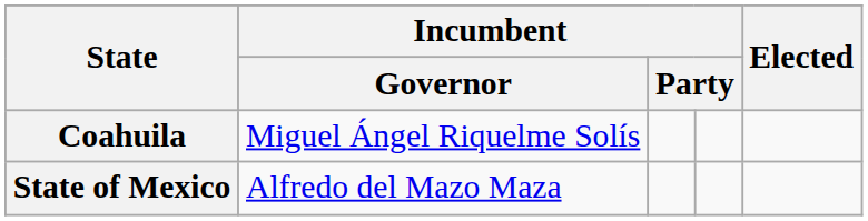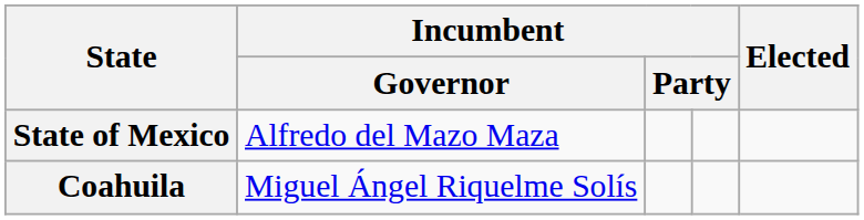 <table class="wikitable sortable">
 <tr>
 <th colspan="1" rowspan="2">State</th>
 <th colspan="3">Incumbent</th>
 <th rowspan="2">Elected</th>
 </tr>
 <tr valign="bottom">
 <th>Governor</th>
 <th colspan="2">Party</th>
 </tr>
 <tr>
+<th>State of Mexico</th>
+<td><a href='#'>Alfredo del Mazo Maza</a></td>
+<td style="background:"></td>
+<td></td>
+<td nowrap=""></td>
+</tr>
+<tr>
 <th>Coahuila</th>
 <td><a href='#'>Miguel Ángel Riquelme Solís</a></td>
 <td style="background:"></td>
 <td></td>
 <td nowrap=""></td>
 </tr>
-<tr>
-<th>State of Mexico</th>
-<td><a href='#'>Alfredo del Mazo Maza</a></td>
-<td style="background:"></td>
-<td></td>
-<td nowrap=""></td>
-</tr>
 </table>
